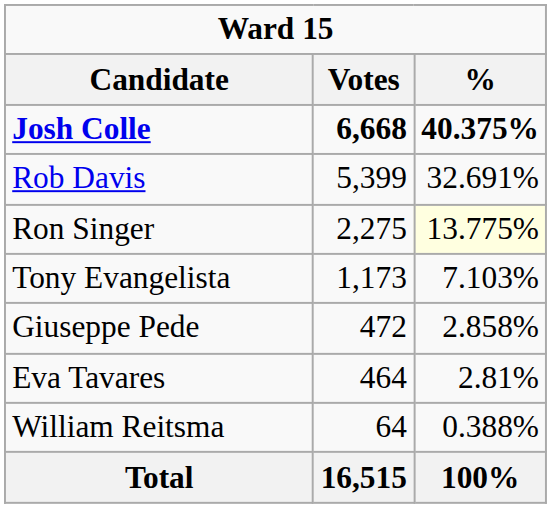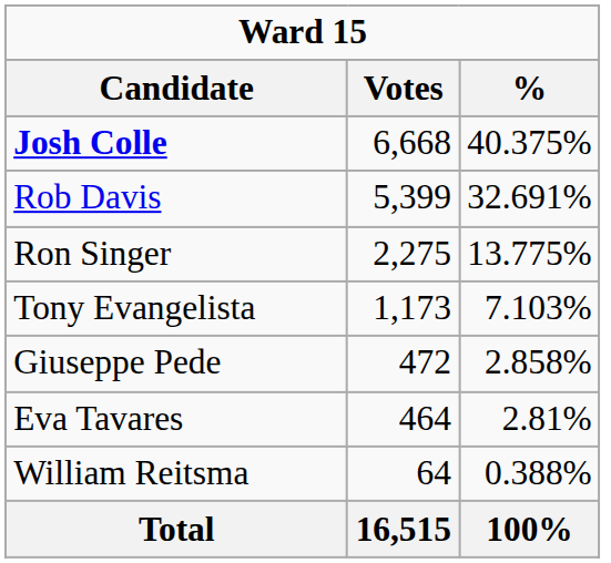 <table class="wikitable">
 <tr>
 <td Colspan="3" align="center"><strong>Ward 15</strong></td>
 </tr>
 <tr>
 <th bgcolor="#DDDDFF" width="150px">Candidate</th>
 <th bgcolor="#DDDDFF">Votes</th>
 <th bgcolor="#DDDDFF">%</th>
 </tr>
 <tr>
 <td><strong><a href='#'>Josh Colle</a></strong></td>
-<td align=right><strong>6,668</strong></td>
-<td align=right><strong>40.375%</strong></td>
+<td align=right>6,668</td>
+<td align=right>40.375%</td>
 </tr>
 <tr>
 <td><a href='#'>Rob Davis</a></td>
 <td align=right>5,399</td>
 <td align=right>32.691%</td>
 </tr>
 <tr>
 <td>Ron Singer</td>
 <td align=right>2,275</td>
-<td align=right style="background: lightyellow;">13.775%</td>
+<td align=right>13.775%</td>
 </tr>
 <tr>
 <td>Tony Evangelista</td>
 <td align=right>1,173</td>
 <td align=right>7.103%</td>
 </tr>
 <tr>
 <td>Giuseppe Pede</td>
 <td align=right>472</td>
 <td align=right>2.858%</td>
 </tr>
 <tr>
 <td>Eva Tavares</td>
 <td align=right>464</td>
 <td align=right>2.81%</td>
 </tr>
 <tr>
 <td>William Reitsma</td>
 <td align=right>64</td>
 <td align=right>0.388%</td>
 </tr>
 <tr>
 <th>Total</th>
 <th align=right>16,515</th>
 <th align=right>100%</th>
 </tr>
 </table>
